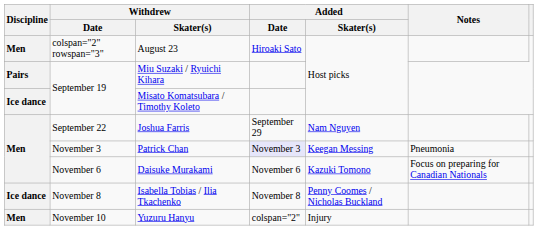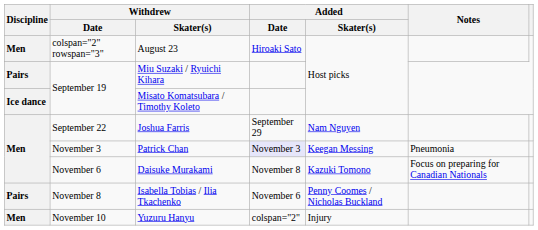 <table class="wikitable unsortable">
 <tr>
 <th scope="col" rowspan=2>Discipline</th>
 <th scope="col" colspan=2>Withdrew</th>
 <th scope="col" colspan=2>Added</th>
 <th scope="col" rowspan=2>Notes</th>
 <th scope="col" rowspan=2></th>
 </tr>
 <tr>
 <th>Date</th>
 <th>Skater(s)</th>
 <th>Date</th>
 <th>Skater(s)</th>
 </tr>
 <tr>
 <th scope="row" style="text-align:left">Men</th>
 <td>colspan="2" rowspan="3" </td>
 <td>August 23</td>
 <td> <a href='#'>Hiroaki Sato</a></td>
 <td rowspan="3">Host picks</td>
 <td></td>
 </tr>
 <tr>
 <th scope="row" style="text-align:left">Pairs</th>
 <td rowspan="2">September 19</td>
 <td> <a href='#'>Miu Suzaki</a> / <a href='#'>Ryuichi Kihara</a></td>
 <td></td>
 </tr>
 <tr>
 <th scope="row" style="text-align:left">Ice dance</th>
 <td> <a href='#'>Misato Komatsubara</a> / <a href='#'>Timothy Koleto</a></td>
 <td></td>
 </tr>
 <tr>
 <th scope="row" style="text-align:left" rowspan="3">Men</th>
 <td>September 22</td>
 <td> <a href='#'>Joshua Farris</a></td>
 <td>September 29</td>
 <td> <a href='#'>Nam Nguyen</a></td>
 <td></td>
 <td></td>
 </tr>
 <tr>
 <td>November 3</td>
 <td> <a href='#'>Patrick Chan</a></td>
 <td style="background: lavender;">November 3</td>
 <td> <a href='#'>Keegan Messing</a></td>
 <td>Pneumonia</td>
 <td></td>
 </tr>
 <tr>
 <td>November 6</td>
 <td> <a href='#'>Daisuke Murakami</a></td>
-<td>November 6</td>
+<td>November 8</td>
 <td> <a href='#'>Kazuki Tomono</a></td>
 <td>Focus on preparing for <a href='#'>Canadian Nationals</a></td>
 <td></td>
 </tr>
 <tr>
-<th scope="row" style="text-align:left">Ice dance</th>
+<th scope="row" style="text-align:left">Pairs</th>
 <td>November 8</td>
 <td> <a href='#'>Isabella Tobias</a> / <a href='#'>Ilia Tkachenko</a></td>
-<td>November 8</td>
+<td>November 6</td>
 <td> <a href='#'>Penny Coomes</a> / <a href='#'>Nicholas Buckland</a></td>
 <td></td>
 <td></td>
 </tr>
 <tr>
 <th scope="row" style="text-align:left">Men</th>
 <td>November 10</td>
 <td> <a href='#'>Yuzuru Hanyu</a></td>
 <td>colspan="2" </td>
 <td>Injury</td>
 <td></td>
 </tr>
 </table>
